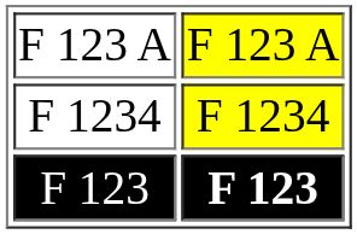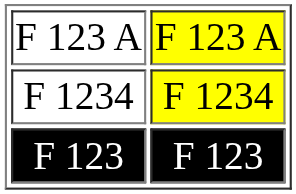 <table border="1" style="margin:1em auto;">
 <tr size="40"  style="font-size:14pt; text-align:center; color:black;">
 <td style="background:white; ">F 123 A</td>
 <td style="background:yellow; ">F 123 A</td>
 </tr>
 <tr size="40"  style="font-size:14pt; text-align:center; color:black;">
 <td style="background:white; ">F 1234</td>
 <td style="background:yellow; ">F 1234</td>
 </tr>
 <tr size="40"  style="font-size:14pt; text-align:center; color:white; background:black;">
 <td>F 123</td>
-<td><strong>F 123</strong></td>
+<td>F 123</td>
 </tr>
 </table>
